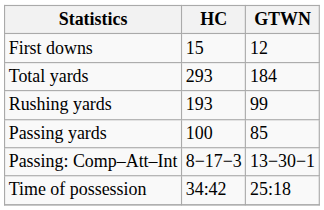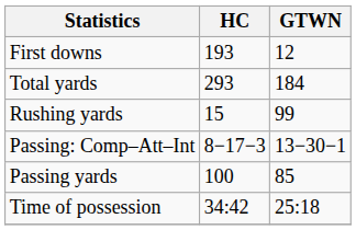 <table class="wikitable" style="float: left;">
 <tr>
 <th>Statistics</th>
 <th>HC</th>
 <th>GTWN</th>
 </tr>
 <tr>
 <td>First downs</td>
-<td>15</td>
+<td>193</td>
 <td>12</td>
 </tr>
 <tr>
 <td>Total yards</td>
 <td>293</td>
 <td>184</td>
 </tr>
 <tr>
 <td>Rushing yards</td>
-<td>193</td>
+<td>15</td>
 <td>99</td>
+</tr>
+<tr>
+<td>Passing: Comp–Att–Int</td>
+<td>8−17−3</td>
+<td>13−30−1</td>
 </tr>
 <tr>
 <td>Passing yards</td>
 <td>100</td>
 <td>85</td>
-</tr>
-<tr>
-<td>Passing: Comp–Att–Int</td>
-<td>8−17−3</td>
-<td>13−30−1</td>
 </tr>
 <tr>
 <td>Time of possession</td>
 <td>34:42</td>
 <td>25:18</td>
 </tr>
 <tr>
 </tr>
 </table>
